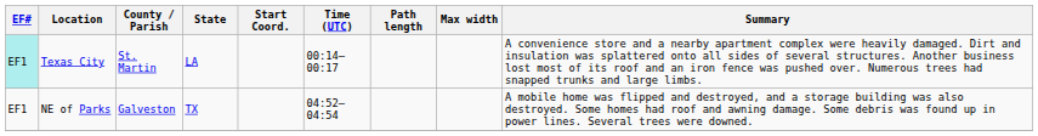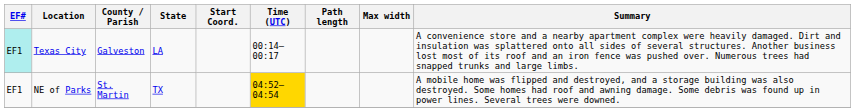 <table class="wikitable sortable" style="width:100%;">
 <tr>
 <th scope="col"  style="width:3%; text-align:center;"><a href='#'>EF#</a></th>
 <th scope="col"  style="width:7%; text-align:center;" class="unsortable">Location</th>
 <th scope="col"  style="width:6%; text-align:center;" class="unsortable">County / Parish</th>
 <th scope="col"  style="width:5%; text-align:center;">State</th>
 <th scope="col"  style="width:6%; text-align:center;">Start Coord.</th>
 <th scope="col"  style="width:6%; text-align:center;">Time (<a href='#'>UTC</a>)</th>
 <th scope="col"  style="width:6%; text-align:center;">Path length</th>
 <th scope="col"  style="width:6%; text-align:center;">Max width</th>
 <th scope="col" class="unsortable" style="width:48%; text-align:center;">Summary</th>
 </tr>
 <tr>
 <td style="background: paleturquoise;">EF1</td>
 <td><a href='#'>Texas City</a></td>
-<td><a href='#'>St. Martin</a></td>
+<td><a href='#'>Galveston</a></td>
 <td><a href='#'>LA</a></td>
 <td></td>
 <td>00:14–00:17</td>
 <td></td>
 <td></td>
 <td>A convenience store and a nearby apartment complex were heavily damaged. Dirt and insulation was splattered onto all sides of several structures.  Another business lost most of its roof and an iron fence was pushed over. Numerous trees had snapped trunks and large limbs.</td>
 </tr>
 <tr>
 <td>EF1</td>
 <td>NE of <a href='#'>Parks</a></td>
-<td><a href='#'>Galveston</a></td>
+<td><a href='#'>St. Martin</a></td>
 <td><a href='#'>TX</a></td>
 <td></td>
-<td>04:52–04:54</td>
+<td style="background: gold;">04:52–04:54</td>
 <td></td>
 <td></td>
 <td>A mobile home was flipped and destroyed, and a storage building was also destroyed. Some homes had roof and awning damage. Some debris was found up in power lines. Several trees were downed.</td>
 </tr>
 <tr>
 </tr>
 </table>
